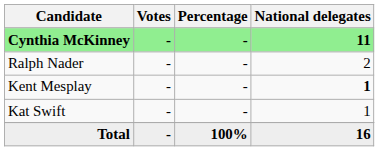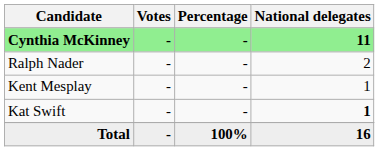 <table class="wikitable" style="text-align:right;">
 <tr>
 <th>Candidate</th>
 <th>Votes</th>
 <th>Percentage</th>
 <th>National delegates</th>
 </tr>
 <tr style="background:lightgreen;">
 <td style="text-align:left;"><strong>Cynthia McKinney</strong></td>
 <td><strong>-</strong></td>
 <td><strong>-</strong></td>
 <td><strong>11</strong></td>
 </tr>
 <tr>
 <td style="text-align:left;">Ralph Nader</td>
 <td>-</td>
 <td>-</td>
 <td>2</td>
 </tr>
 <tr>
 <td style="text-align:left;">Kent Mesplay</td>
 <td>-</td>
 <td>-</td>
-<td><strong>1</strong></td>
+<td>1</td>
 </tr>
 <tr>
 <td style="text-align:left;">Kat Swift</td>
 <td>-</td>
 <td>-</td>
-<td>1</td>
+<td><strong>1</strong></td>
 </tr>
 <tr>
 </tr>
 <tr style="background:#eee;">
 <td style="margin-right:0.50px"><strong>Total</strong></td>
 <td style="margin-right:0.50px"><strong>-</strong></td>
 <td style="margin-right:0.50px"><strong>100%</strong></td>
 <td style="margin-right:0.50px"><strong>16</strong></td>
 </tr>
 </table>
